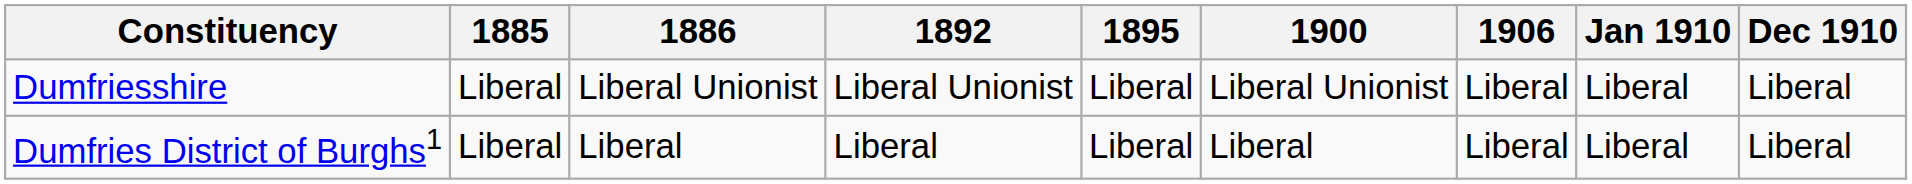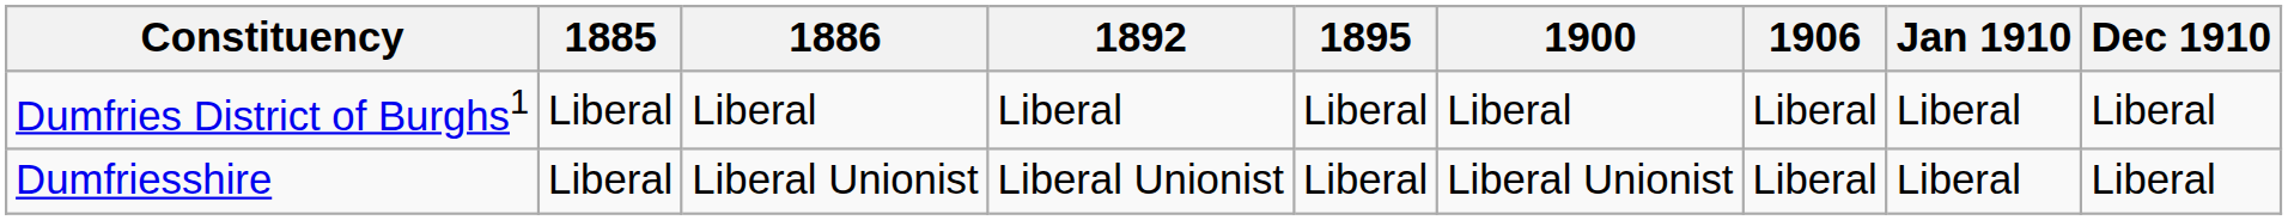 <table class="wikitable">
 <tr>
 <th>Constituency</th>
 <th>1885</th>
 <th>1886</th>
 <th>1892</th>
 <th>1895</th>
 <th>1900</th>
 <th>1906</th>
 <th>Jan 1910</th>
 <th>Dec 1910</th>
 </tr>
 <tr>
+<td><a href='#'>Dumfries District of Burghs</a><sup>1</sup></td>
+<td>Liberal</td>
+<td>Liberal</td>
+<td>Liberal</td>
+<td>Liberal</td>
+<td>Liberal</td>
+<td>Liberal</td>
+<td>Liberal</td>
+<td>Liberal</td>
+</tr>
+<tr>
 <td><a href='#'>Dumfriesshire</a></td>
 <td>Liberal</td>
 <td>Liberal Unionist</td>
 <td>Liberal Unionist</td>
 <td>Liberal</td>
 <td>Liberal Unionist</td>
 <td>Liberal</td>
 <td>Liberal</td>
 <td>Liberal</td>
 </tr>
-<tr>
-<td><a href='#'>Dumfries District of Burghs</a><sup>1</sup></td>
-<td>Liberal</td>
-<td>Liberal</td>
-<td>Liberal</td>
-<td>Liberal</td>
-<td>Liberal</td>
-<td>Liberal</td>
-<td>Liberal</td>
-<td>Liberal</td>
-</tr>
 </table>
